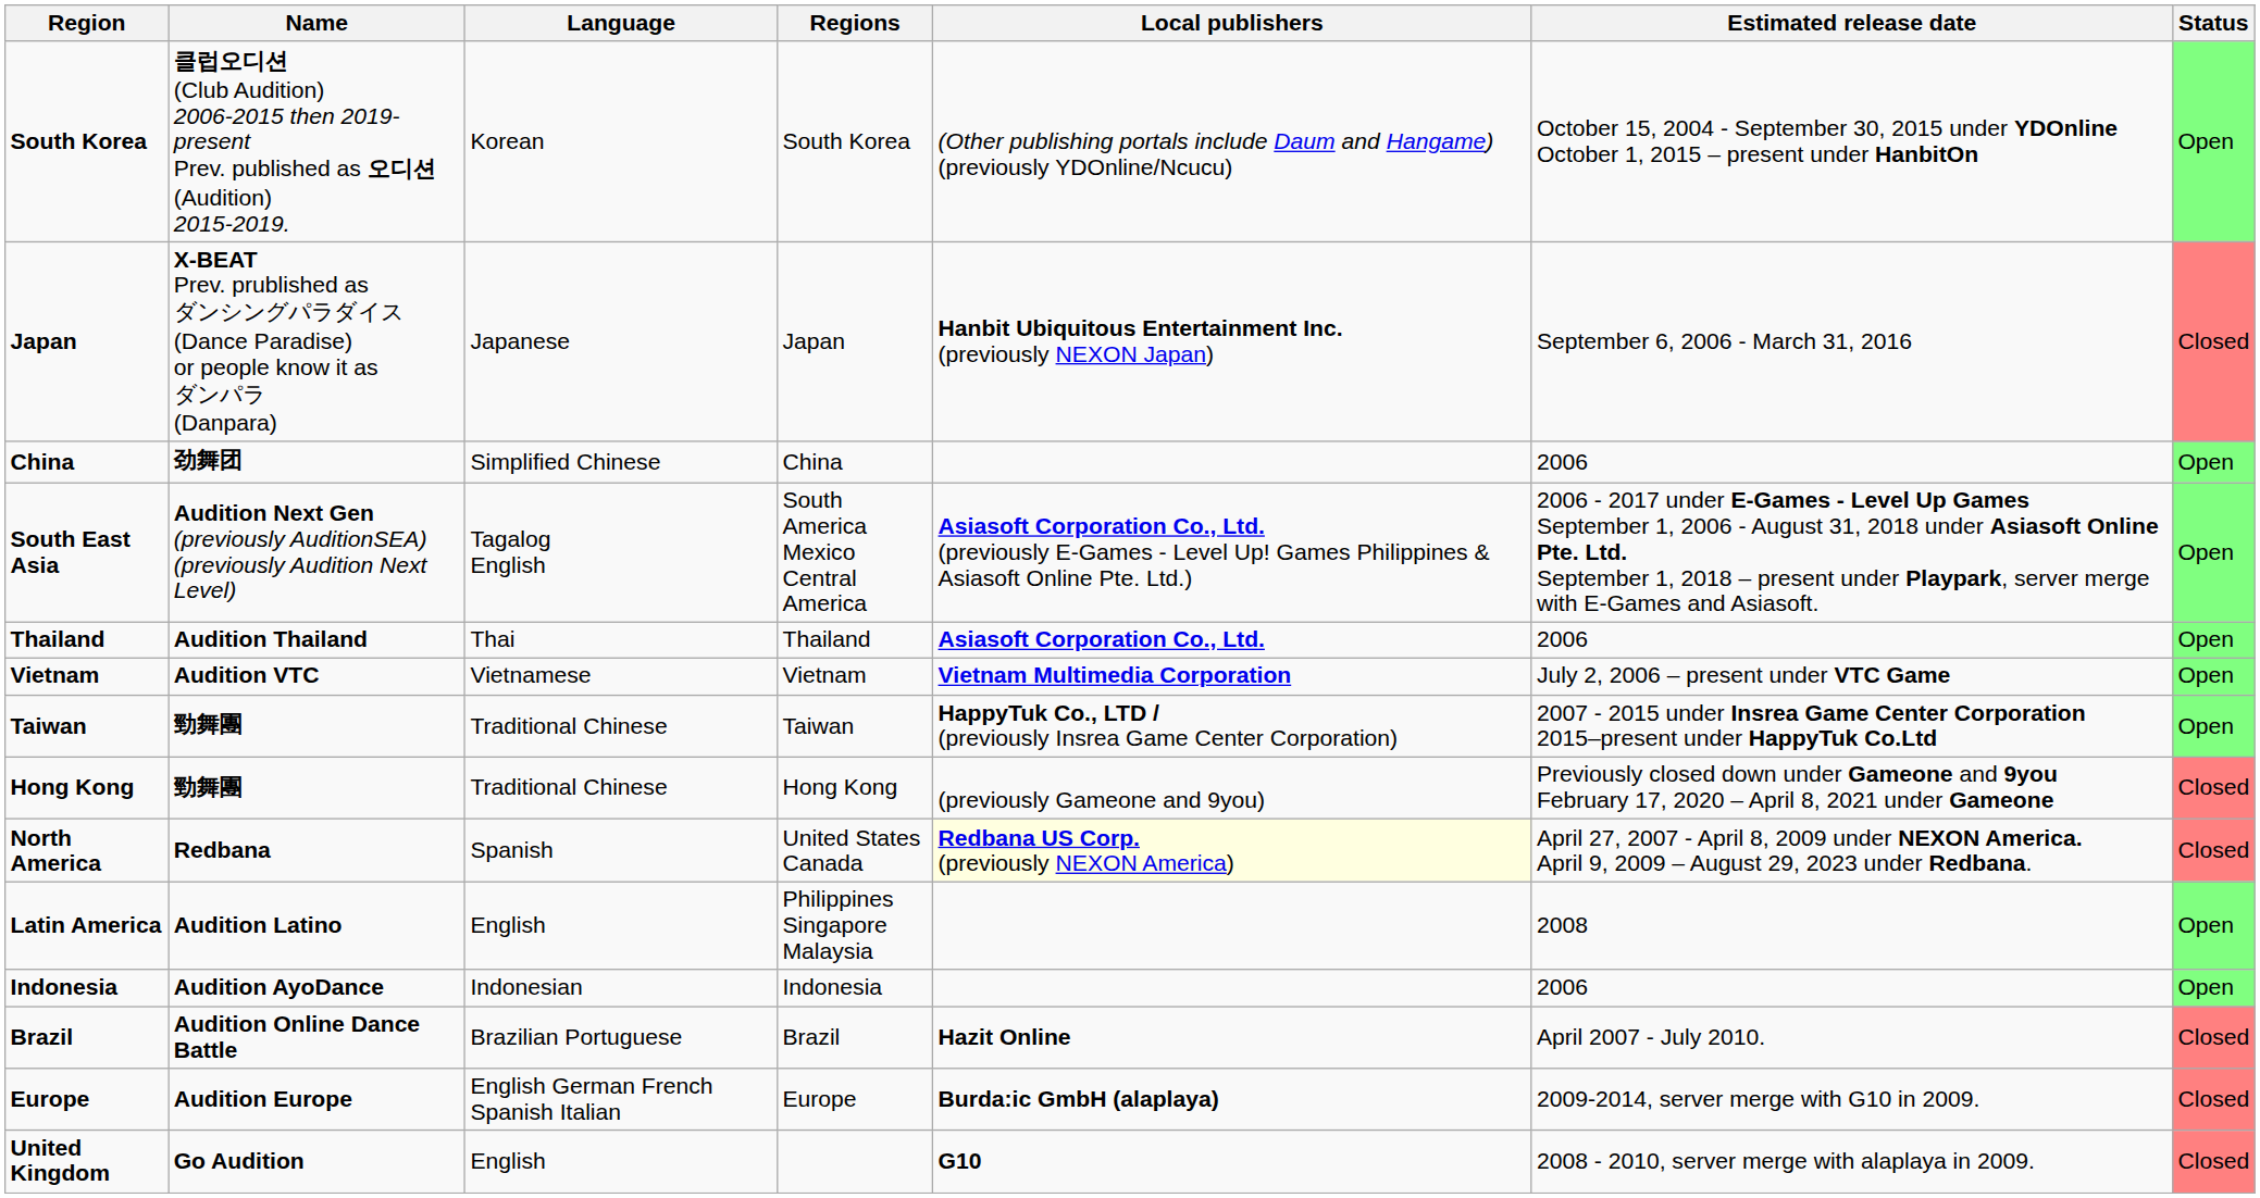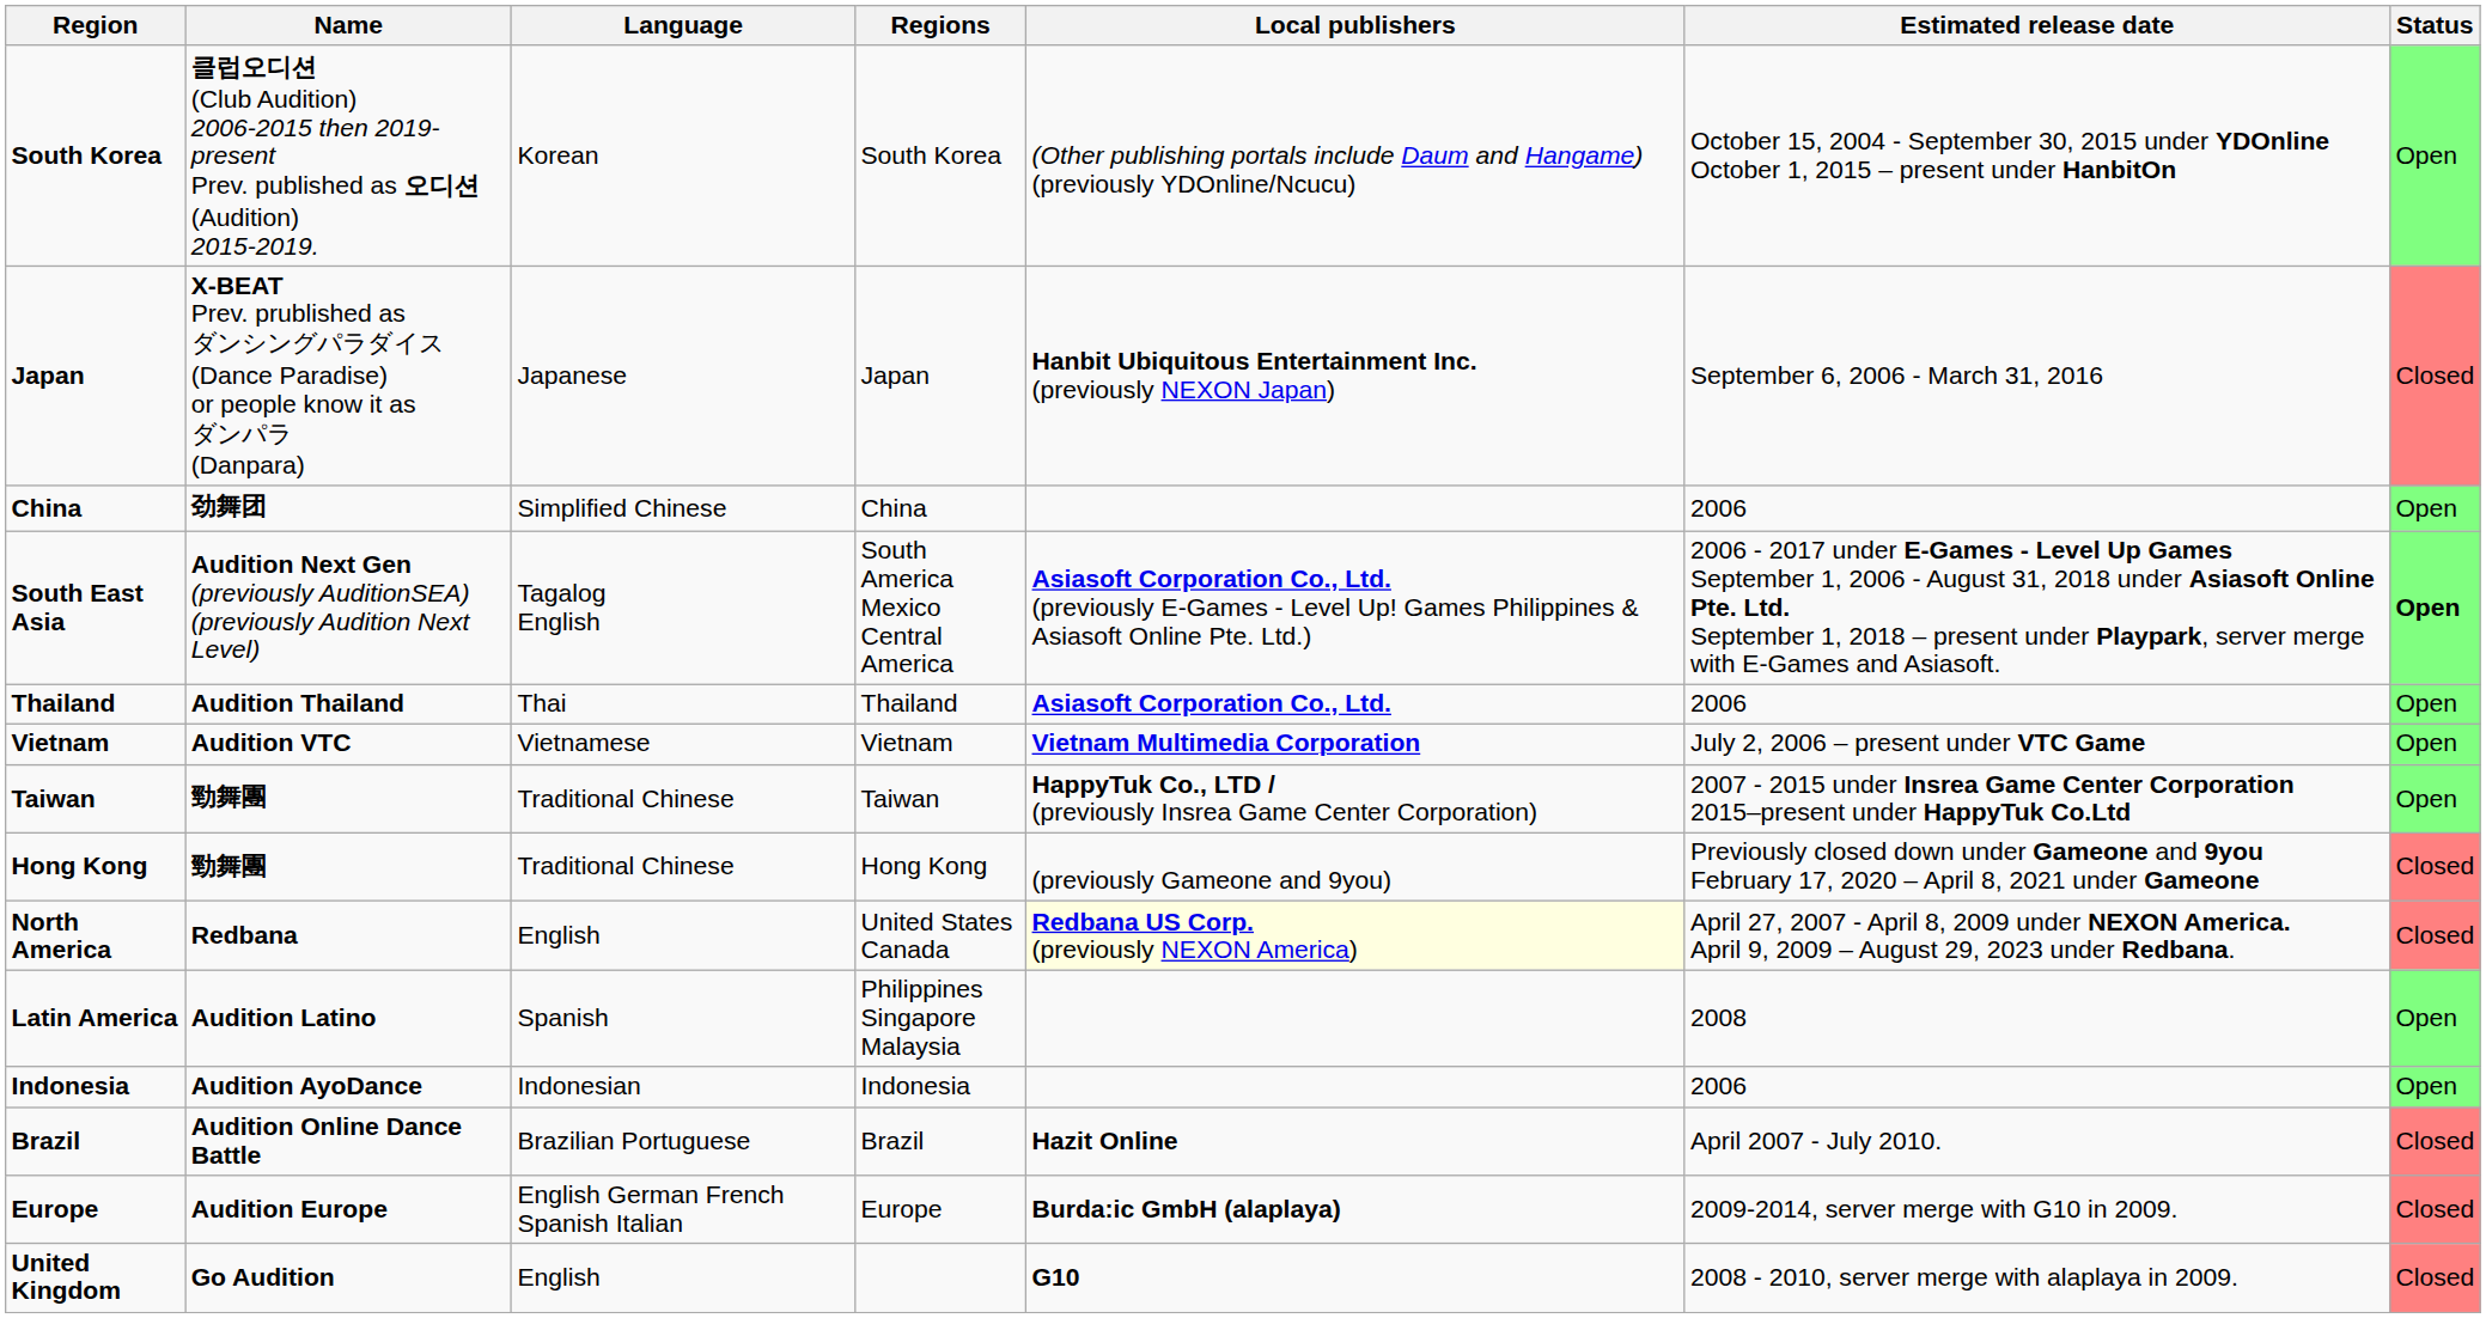 <table class="wikitable sortable">
 <tr>
 <th>Region</th>
 <th>Name</th>
 <th>Language</th>
 <th>Regions</th>
 <th>Local publishers</th>
 <th>Estimated release date</th>
 <th>Status</th>
 </tr>
 <tr>
 <td><strong>South Korea</strong></td>
 <td><strong>클럽오디션</strong><br>(Club Audition)<br><em>2006-2015 then 2019-present</em><br>Prev. published as <strong>오디션</strong> (Audition)<br><em>2015-2019.</em> <br></td>
 <td>Korean</td>
 <td> South Korea</td>
 <td><strong></strong><br><em>(Other publishing portals include <a href='#'>Daum</a> and <a href='#'>Hangame</a>)</em><br>(previously YDOnline/Ncucu)</td>
 <td>October 15, 2004 - September 30, 2015 under <strong>YDOnline</strong><br>October 1, 2015 – present under <strong>HanbitOn</strong></td>
 <td style="background: #80FF80;">Open</td>
 </tr>
 <tr>
 <td><strong>Japan</strong></td>
 <td><strong>X-BEAT</strong><br>Prev. prublished as<br>ダンシングパラダイス<br>(Dance Paradise)<br>or people know it as<br>ダンパラ<br>(Danpara)</td>
 <td>Japanese</td>
 <td> Japan</td>
 <td><strong>Hanbit Ubiquitous Entertainment Inc.</strong><br>(previously <a href='#'>NEXON Japan</a>)</td>
 <td>September 6, 2006 - March 31, 2016</td>
 <td style="background: #FF8080;">Closed</td>
 </tr>
 <tr>
 <td><strong>China</strong></td>
 <td><strong>劲舞团</strong></td>
 <td>Simplified Chinese</td>
 <td> China</td>
 <td><strong></strong></td>
 <td>2006</td>
 <td style="background: #80FF80;">Open</td>
 </tr>
 <tr>
 <td><strong>South East Asia</strong></td>
 <td><strong>Audition Next Gen</strong><br><em>(previously AuditionSEA)</em><br><em>(previously Audition Next Level)</em></td>
 <td>Tagalog<br>English</td>
 <td> South America<br> Mexico<br> Central America</td>
 <td><strong><a href='#'>Asiasoft Corporation Co., Ltd.</a></strong><br>(previously E-Games - Level Up! Games Philippines & Asiasoft Online Pte. Ltd.)</td>
 <td>2006 - 2017 under <strong>E-Games - Level Up Games</strong><br>September 1, 2006 - August 31, 2018 under <strong>Asiasoft Online Pte. Ltd.</strong><br>September 1, 2018 – present under <strong>Playpark</strong>, server merge with E-Games and Asiasoft.</td>
-<td style="background: #80FF80;">Open</td>
+<td style="background: #80FF80;"><strong>Open</strong></td>
 </tr>
 <tr>
 <td><strong>Thailand</strong></td>
 <td><strong>Audition Thailand</strong></td>
 <td>Thai</td>
 <td> Thailand</td>
 <td><strong><a href='#'>Asiasoft Corporation Co., Ltd.</a></strong></td>
 <td>2006</td>
 <td style="background: #80FF80;">Open</td>
 </tr>
 <tr>
 <td><strong>Vietnam</strong></td>
 <td><strong>Audition VTC</strong></td>
 <td>Vietnamese</td>
 <td> Vietnam</td>
 <td><strong><a href='#'>Vietnam Multimedia Corporation</a></strong></td>
 <td>July 2, 2006 – present under <strong>VTC Game</strong></td>
 <td style="background: #80FF80;">Open</td>
 </tr>
 <tr>
 <td><strong>Taiwan</strong></td>
 <td><strong>勁舞團</strong></td>
 <td>Traditional Chinese</td>
 <td> Taiwan</td>
 <td><strong>HappyTuk Co., LTD / </strong><br>(previously Insrea Game Center Corporation)</td>
 <td>2007 - 2015 under <strong>Insrea Game Center Corporation</strong><br>2015–present under <strong>HappyTuk Co.Ltd</strong></td>
 <td style="background: #80FF80;">Open</td>
 </tr>
 <tr>
 <td><strong>Hong Kong</strong></td>
 <td><strong>勁舞團</strong></td>
 <td>Traditional Chinese</td>
 <td> Hong Kong</td>
 <td><strong></strong><br>(previously Gameone and 9you)</td>
 <td>Previously closed down under <strong>Gameone</strong> and <strong>9you</strong><br>February 17, 2020 – April 8, 2021 under <strong>Gameone</strong></td>
 <td style="background: #FF8080;">Closed</td>
 </tr>
 <tr>
 <td><strong>North America</strong></td>
 <td><strong>Redbana</strong></td>
-<td>Spanish</td>
+<td>English</td>
 <td> United States<br> Canada</td>
 <td style="background: lightyellow;"><strong><a href='#'>Redbana US Corp.</a></strong><br>(previously <a href='#'>NEXON America</a>)</td>
 <td>April 27, 2007 - April 8, 2009 under <strong>NEXON America.</strong><br>April 9, 2009 – August 29, 2023 under <strong>Redbana</strong>.</td>
 <td style="background: #FF8080;">Closed</td>
 </tr>
 <tr>
 <td><strong>Latin America</strong></td>
 <td><strong>Audition Latino</strong></td>
-<td>English</td>
+<td>Spanish</td>
 <td> Philippines<br> Singapore<br> Malaysia</td>
 <td><strong></strong></td>
 <td>2008</td>
 <td style="background: #80FF80;">Open</td>
 </tr>
 <tr>
 <td><strong>Indonesia</strong></td>
 <td><strong>Audition AyoDance</strong></td>
 <td>Indonesian</td>
 <td> Indonesia</td>
 <td><strong></strong></td>
 <td>2006</td>
 <td style="background: #80FF80;">Open</td>
 </tr>
 <tr>
 <td><strong>Brazil</strong></td>
 <td><strong>Audition Online Dance Battle</strong></td>
 <td>Brazilian Portuguese</td>
 <td> Brazil</td>
 <td><strong>Hazit Online</strong></td>
 <td>April 2007 - July 2010.</td>
 <td style="background: #FF8080;">Closed</td>
 </tr>
 <tr>
 <td><strong>Europe</strong></td>
 <td><strong>Audition Europe</strong></td>
 <td>English German French Spanish Italian</td>
 <td> Europe</td>
 <td><strong>Burda:ic GmbH (alaplaya)</strong></td>
 <td>2009-2014, server merge with G10 in 2009.</td>
 <td style="background: #FF8080;">Closed</td>
 </tr>
 <tr>
 <td><strong>United Kingdom</strong></td>
 <td><strong>Go Audition</strong></td>
 <td>English</td>
 <td></td>
 <td><strong>G10</strong></td>
 <td>2008 - 2010, server merge with alaplaya in 2009.</td>
 <td style="background: #FF8080;">Closed</td>
 </tr>
 <tr>
 </tr>
 </table>
